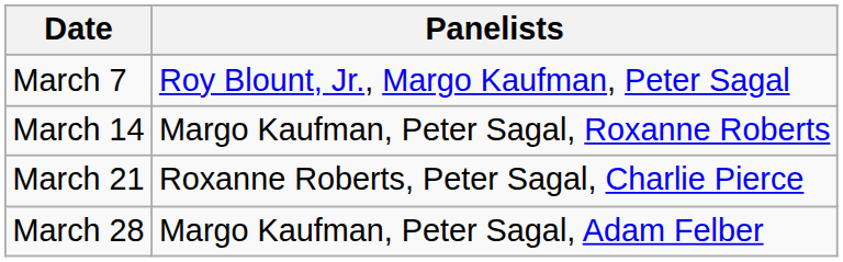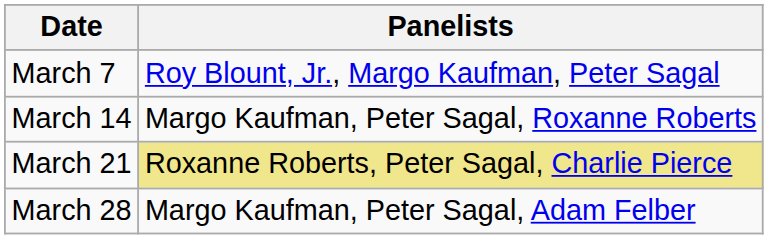 <table class="wikitable">
 <tr>
 <th>Date</th>
 <th>Panelists</th>
 </tr>
 <tr>
 <td>March 7</td>
 <td><a href='#'>Roy Blount, Jr.</a>, <a href='#'>Margo Kaufman</a>, <a href='#'>Peter Sagal</a></td>
 </tr>
 <tr>
 <td>March 14</td>
 <td>Margo Kaufman, Peter Sagal, <a href='#'>Roxanne Roberts</a></td>
 </tr>
 <tr>
 <td>March 21</td>
-<td>Roxanne Roberts, Peter Sagal, <a href='#'>Charlie Pierce</a></td>
+<td style="background: khaki;">Roxanne Roberts, Peter Sagal, <a href='#'>Charlie Pierce</a></td>
 </tr>
 <tr>
 <td>March 28</td>
 <td>Margo Kaufman, Peter Sagal, <a href='#'>Adam Felber</a></td>
 </tr>
 </table>
